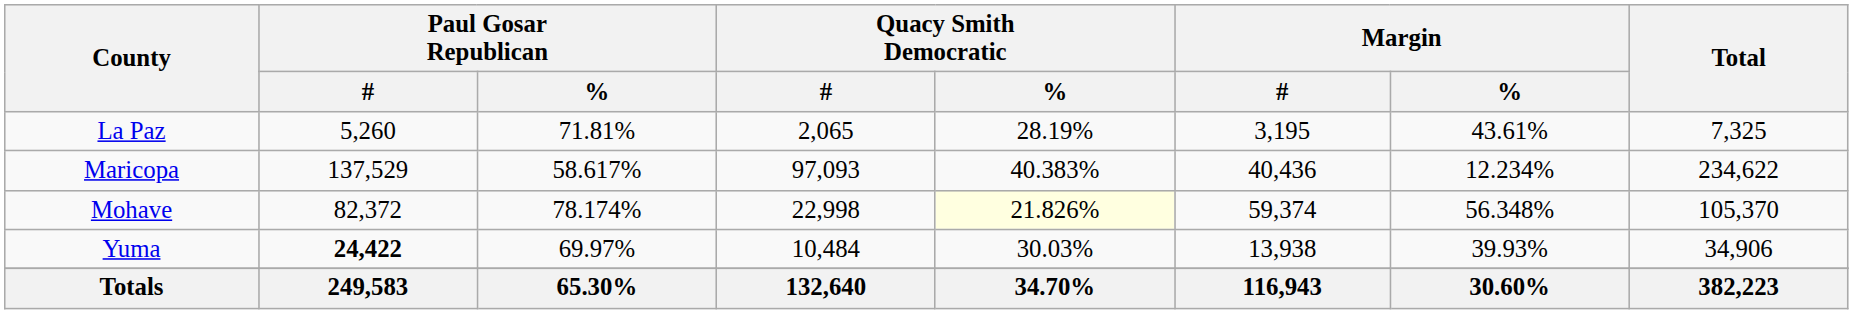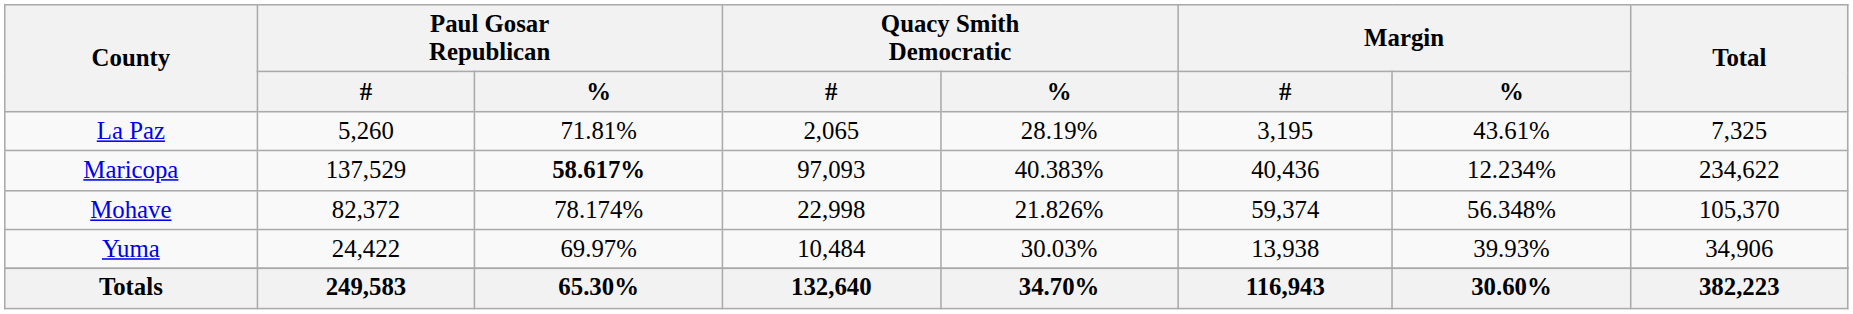 <table class="wikitable sortable" width="60%">
 <tr>
 <th rowspan="2">County</th>
 <th colspan="2">Paul Gosar<br>Republican</th>
 <th colspan="2">Quacy Smith<br>Democratic</th>
 <th colspan="2">Margin</th>
 <th rowspan="2">Total</th>
 </tr>
 <tr>
 <th data-sort-type="number" style="text-align:center;">#</th>
 <th data-sort-type="number" style="text-align:center;">%</th>
 <th data-sort-type="number" style="text-align:center;">#</th>
 <th data-sort-type="number" style="text-align:center;">%</th>
 <th data-sort-type="number" style="text-align:center;">#</th>
 <th data-sort-type="number" style="text-align:center;">%</th>
 </tr>
 <tr style="text-align:center;">
 <td><a href='#'>La Paz</a></td>
 <td>5,260</td>
 <td>71.81%</td>
 <td>2,065</td>
 <td>28.19%</td>
 <td>3,195</td>
 <td>43.61%</td>
 <td>7,325</td>
 </tr>
 <tr style="text-align:center;">
 <td><a href='#'>Maricopa</a></td>
 <td>137,529</td>
-<td>58.617%</td>
+<td><strong>58.617%</strong></td>
 <td>97,093</td>
 <td>40.383%</td>
 <td>40,436</td>
 <td>12.234%</td>
 <td>234,622</td>
 </tr>
 <tr style="text-align:center;">
 <td><a href='#'>Mohave</a></td>
 <td>82,372</td>
 <td>78.174%</td>
 <td>22,998</td>
-<td style="background: lightyellow;">21.826%</td>
+<td>21.826%</td>
 <td>59,374</td>
 <td>56.348%</td>
 <td>105,370</td>
 </tr>
 <tr style="text-align:center;">
 <td><a href='#'>Yuma</a></td>
-<td><strong>24,422</strong></td>
+<td>24,422</td>
 <td>69.97%</td>
 <td>10,484</td>
 <td>30.03%</td>
 <td>13,938</td>
 <td>39.93%</td>
 <td>34,906</td>
 </tr>
 <tr style="text-align:center;">
 </tr>
 <tr>
 <th>Totals</th>
 <th>249,583</th>
 <th>65.30%</th>
 <th>132,640</th>
 <th>34.70%</th>
 <th>116,943</th>
 <th>30.60%</th>
 <th>382,223</th>
 </tr>
 </table>
